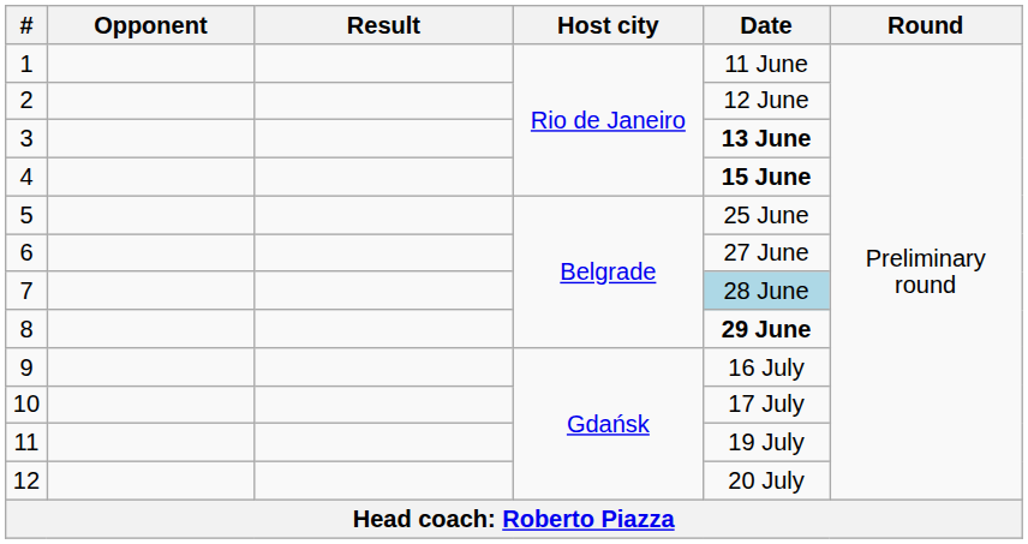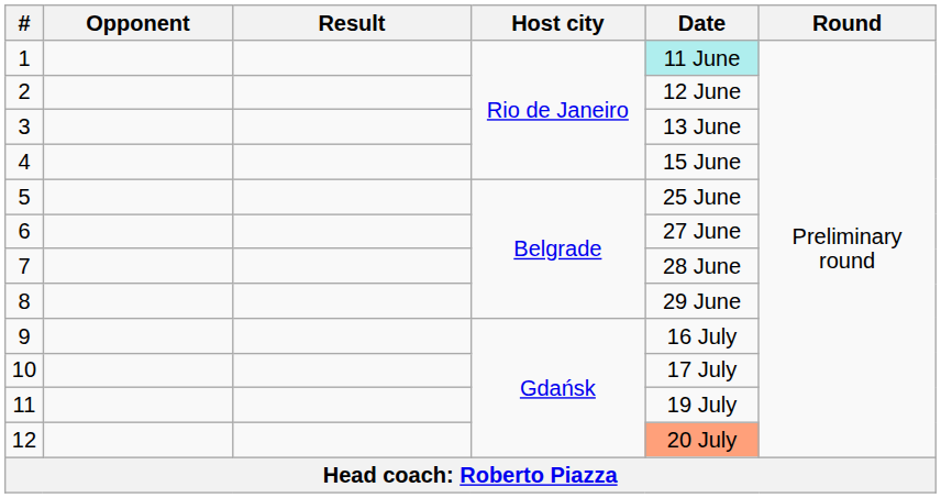 <table class="wikitable" style="text-align: center;font-size:90%;">
 <tr>
 <th width=20>#</th>
 <th width=160>Opponent</th>
 <th width=240>Result</th>
 <th width=150>Host city</th>
 <th width=100>Date</th>
 <th width=140>Round</th>
 </tr>
 <tr>
 <td>1</td>
 <td align=left></td>
 <td></td>
 <td rowspan=4> <a href='#'>Rio de Janeiro</a></td>
-<td>11 June</td>
+<td style="background: paleturquoise;">11 June</td>
 <td rowspan=12>Preliminary round</td>
 </tr>
 <tr>
 <td>2</td>
 <td align=left></td>
 <td></td>
 <td>12 June</td>
 </tr>
 <tr>
 <td>3</td>
 <td align=left></td>
 <td></td>
-<td><strong>13 June</strong></td>
+<td>13 June</td>
 </tr>
 <tr>
 <td>4</td>
 <td align=left></td>
 <td></td>
-<td><strong>15 June</strong></td>
+<td>15 June</td>
 </tr>
 <tr>
 <td>5</td>
 <td align=left></td>
 <td></td>
 <td rowspan=4> <a href='#'>Belgrade</a></td>
 <td>25 June</td>
 </tr>
 <tr>
 <td>6</td>
 <td align=left></td>
 <td></td>
 <td>27 June</td>
 </tr>
 <tr>
 <td>7</td>
 <td align=left></td>
 <td></td>
-<td style="background: lightblue;">28 June</td>
+<td>28 June</td>
 </tr>
 <tr>
 <td>8</td>
 <td align=left></td>
 <td></td>
-<td><strong>29 June</strong></td>
+<td>29 June</td>
 </tr>
 <tr>
 <td>9</td>
 <td align=left></td>
 <td></td>
 <td rowspan=4> <a href='#'>Gdańsk</a></td>
 <td>16 July</td>
 </tr>
 <tr>
 <td>10</td>
 <td align=left></td>
 <td></td>
 <td>17 July</td>
 </tr>
 <tr>
 <td>11</td>
 <td align=left></td>
 <td></td>
 <td>19 July</td>
 </tr>
 <tr>
 <td>12</td>
 <td align=left></td>
 <td></td>
-<td>20 July</td>
+<td style="background: lightsalmon;">20 July</td>
 </tr>
 <tr>
 <th colspan=6>Head coach:  <a href='#'>Roberto Piazza</a></th>
 </tr>
 </table>
